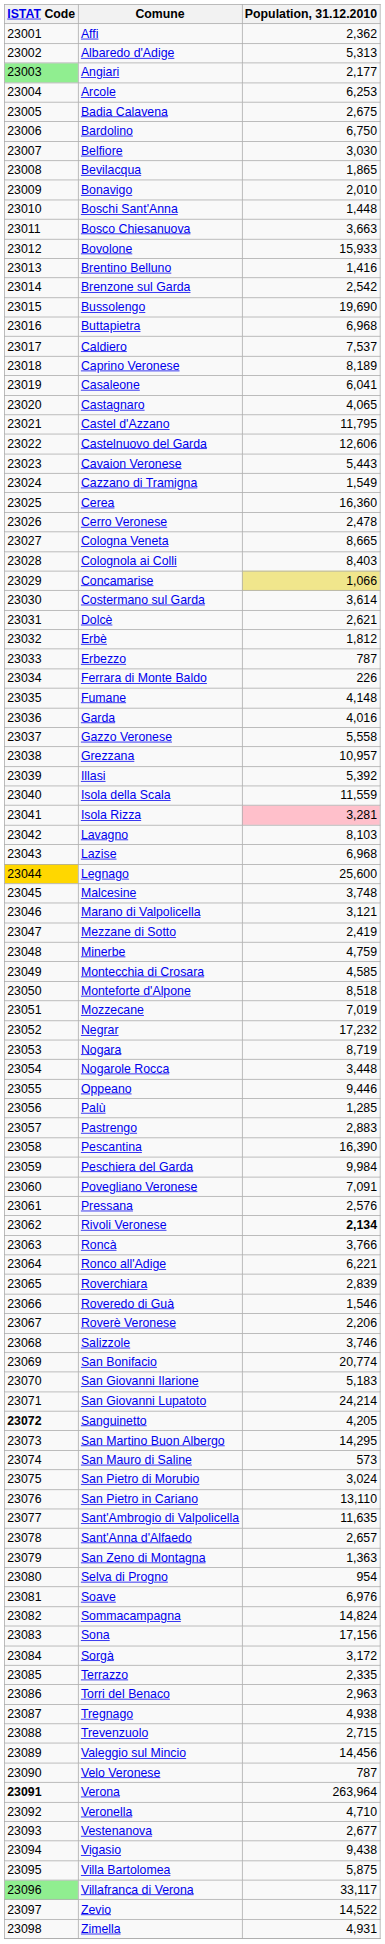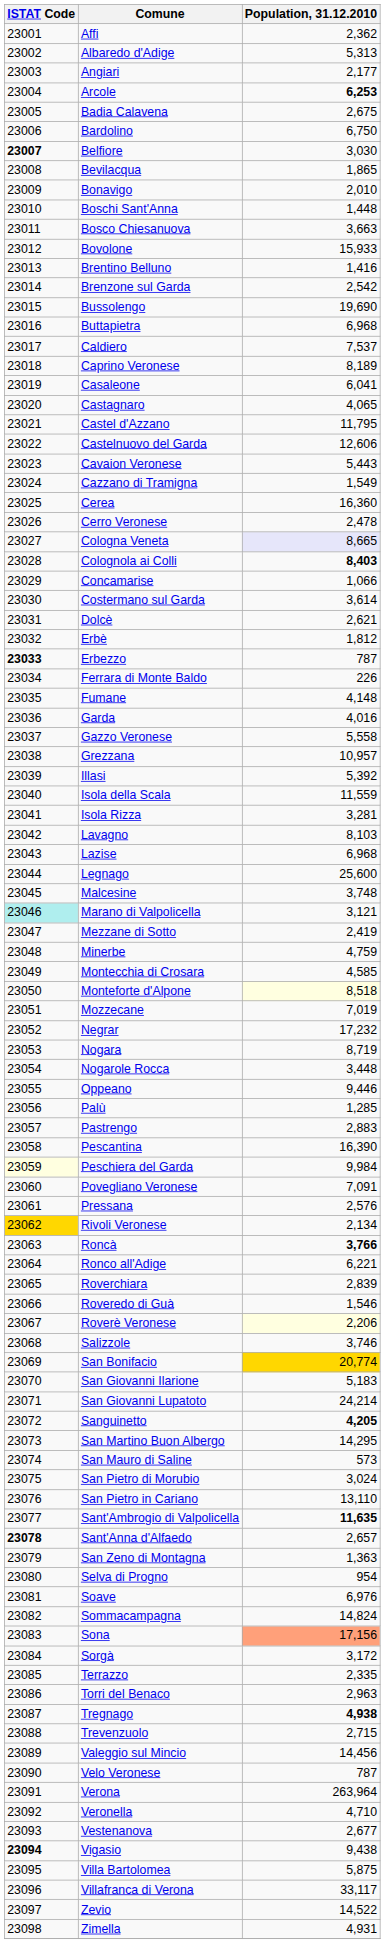 <table class="wikitable sortable">
 <tr>
 <th><a href='#'>ISTAT</a> Code</th>
 <th>Comune</th>
 <th>Population, 31.12.2010</th>
 </tr>
 <tr>
 <td>23001</td>
 <td><a href='#'>Affi</a></td>
 <td align="right">2,362</td>
 </tr>
 <tr>
 <td>23002</td>
 <td><a href='#'>Albaredo d'Adige</a></td>
 <td align="right">5,313</td>
 </tr>
 <tr>
-<td style="background: lightgreen;">23003</td>
+<td>23003</td>
 <td><a href='#'>Angiari</a></td>
 <td align="right">2,177</td>
 </tr>
 <tr>
 <td>23004</td>
 <td><a href='#'>Arcole</a></td>
-<td align="right">6,253</td>
+<td align="right"><strong>6,253</strong></td>
 </tr>
 <tr>
 <td>23005</td>
 <td><a href='#'>Badia Calavena</a></td>
 <td align="right">2,675</td>
 </tr>
 <tr>
 <td>23006</td>
 <td><a href='#'>Bardolino</a></td>
 <td align="right">6,750</td>
 </tr>
 <tr>
-<td>23007</td>
+<td><strong>23007</strong></td>
 <td><a href='#'>Belfiore</a></td>
 <td align="right">3,030</td>
 </tr>
 <tr>
 <td>23008</td>
 <td><a href='#'>Bevilacqua</a></td>
 <td align="right">1,865</td>
 </tr>
 <tr>
 <td>23009</td>
 <td><a href='#'>Bonavigo</a></td>
 <td align="right">2,010</td>
 </tr>
 <tr>
 <td>23010</td>
 <td><a href='#'>Boschi Sant'Anna</a></td>
 <td align="right">1,448</td>
 </tr>
 <tr>
 <td>23011</td>
 <td><a href='#'>Bosco Chiesanuova</a></td>
 <td align="right">3,663</td>
 </tr>
 <tr>
 <td>23012</td>
 <td><a href='#'>Bovolone</a></td>
 <td align="right">15,933</td>
 </tr>
 <tr>
 <td>23013</td>
 <td><a href='#'>Brentino Belluno</a></td>
 <td align="right">1,416</td>
 </tr>
 <tr>
 <td>23014</td>
 <td><a href='#'>Brenzone sul Garda</a></td>
 <td align="right">2,542</td>
 </tr>
 <tr>
 <td>23015</td>
 <td><a href='#'>Bussolengo</a></td>
 <td align="right">19,690</td>
 </tr>
 <tr>
 <td>23016</td>
 <td><a href='#'>Buttapietra</a></td>
 <td align="right">6,968</td>
 </tr>
 <tr>
 <td>23017</td>
 <td><a href='#'>Caldiero</a></td>
 <td align="right">7,537</td>
 </tr>
 <tr>
 <td>23018</td>
 <td><a href='#'>Caprino Veronese</a></td>
 <td align="right">8,189</td>
 </tr>
 <tr>
 <td>23019</td>
 <td><a href='#'>Casaleone</a></td>
 <td align="right">6,041</td>
 </tr>
 <tr>
 <td>23020</td>
 <td><a href='#'>Castagnaro</a></td>
 <td align="right">4,065</td>
 </tr>
 <tr>
 <td>23021</td>
 <td><a href='#'>Castel d'Azzano</a></td>
 <td align="right">11,795</td>
 </tr>
 <tr>
 <td>23022</td>
 <td><a href='#'>Castelnuovo del Garda</a></td>
 <td align="right">12,606</td>
 </tr>
 <tr>
 <td>23023</td>
 <td><a href='#'>Cavaion Veronese</a></td>
 <td align="right">5,443</td>
 </tr>
 <tr>
 <td>23024</td>
 <td><a href='#'>Cazzano di Tramigna</a></td>
 <td align="right">1,549</td>
 </tr>
 <tr>
 <td>23025</td>
 <td><a href='#'>Cerea</a></td>
 <td align="right">16,360</td>
 </tr>
 <tr>
 <td>23026</td>
 <td><a href='#'>Cerro Veronese</a></td>
 <td align="right">2,478</td>
 </tr>
 <tr>
 <td>23027</td>
 <td><a href='#'>Cologna Veneta</a></td>
-<td align="right">8,665</td>
+<td align="right" style="background: lavender;">8,665</td>
 </tr>
 <tr>
 <td>23028</td>
 <td><a href='#'>Colognola ai Colli</a></td>
-<td align="right">8,403</td>
+<td align="right"><strong>8,403</strong></td>
 </tr>
 <tr>
 <td>23029</td>
 <td><a href='#'>Concamarise</a></td>
-<td align="right" style="background: khaki;">1,066</td>
+<td align="right">1,066</td>
 </tr>
 <tr>
 <td>23030</td>
 <td><a href='#'>Costermano sul Garda</a></td>
 <td align="right">3,614</td>
 </tr>
 <tr>
 <td>23031</td>
 <td><a href='#'>Dolcè</a></td>
 <td align="right">2,621</td>
 </tr>
 <tr>
 <td>23032</td>
 <td><a href='#'>Erbè</a></td>
 <td align="right">1,812</td>
 </tr>
 <tr>
-<td>23033</td>
+<td><strong>23033</strong></td>
 <td><a href='#'>Erbezzo</a></td>
 <td align="right">787</td>
 </tr>
 <tr>
 <td>23034</td>
 <td><a href='#'>Ferrara di Monte Baldo</a></td>
 <td align="right">226</td>
 </tr>
 <tr>
 <td>23035</td>
 <td><a href='#'>Fumane</a></td>
 <td align="right">4,148</td>
 </tr>
 <tr>
 <td>23036</td>
 <td><a href='#'>Garda</a></td>
 <td align="right">4,016</td>
 </tr>
 <tr>
 <td>23037</td>
 <td><a href='#'>Gazzo Veronese</a></td>
 <td align="right">5,558</td>
 </tr>
 <tr>
 <td>23038</td>
 <td><a href='#'>Grezzana</a></td>
 <td align="right">10,957</td>
 </tr>
 <tr>
 <td>23039</td>
 <td><a href='#'>Illasi</a></td>
 <td align="right">5,392</td>
 </tr>
 <tr>
 <td>23040</td>
 <td><a href='#'>Isola della Scala</a></td>
 <td align="right">11,559</td>
 </tr>
 <tr>
 <td>23041</td>
 <td><a href='#'>Isola Rizza</a></td>
-<td align="right" style="background: pink;">3,281</td>
+<td align="right">3,281</td>
 </tr>
 <tr>
 <td>23042</td>
 <td><a href='#'>Lavagno</a></td>
 <td align="right">8,103</td>
 </tr>
 <tr>
 <td>23043</td>
 <td><a href='#'>Lazise</a></td>
 <td align="right">6,968</td>
 </tr>
 <tr>
-<td style="background: gold;">23044</td>
+<td>23044</td>
 <td><a href='#'>Legnago</a></td>
 <td align="right">25,600</td>
 </tr>
 <tr>
 <td>23045</td>
 <td><a href='#'>Malcesine</a></td>
 <td align="right">3,748</td>
 </tr>
 <tr>
-<td>23046</td>
+<td style="background: paleturquoise;">23046</td>
 <td><a href='#'>Marano di Valpolicella</a></td>
 <td align="right">3,121</td>
 </tr>
 <tr>
 <td>23047</td>
 <td><a href='#'>Mezzane di Sotto</a></td>
 <td align="right">2,419</td>
 </tr>
 <tr>
 <td>23048</td>
 <td><a href='#'>Minerbe</a></td>
 <td align="right">4,759</td>
 </tr>
 <tr>
 <td>23049</td>
 <td><a href='#'>Montecchia di Crosara</a></td>
 <td align="right">4,585</td>
 </tr>
 <tr>
 <td>23050</td>
 <td><a href='#'>Monteforte d'Alpone</a></td>
-<td align="right">8,518</td>
+<td align="right" style="background: lightyellow;">8,518</td>
 </tr>
 <tr>
 <td>23051</td>
 <td><a href='#'>Mozzecane</a></td>
 <td align="right">7,019</td>
 </tr>
 <tr>
 <td>23052</td>
 <td><a href='#'>Negrar</a></td>
 <td align="right">17,232</td>
 </tr>
 <tr>
 <td>23053</td>
 <td><a href='#'>Nogara</a></td>
 <td align="right">8,719</td>
 </tr>
 <tr>
 <td>23054</td>
 <td><a href='#'>Nogarole Rocca</a></td>
 <td align="right">3,448</td>
 </tr>
 <tr>
 <td>23055</td>
 <td><a href='#'>Oppeano</a></td>
 <td align="right">9,446</td>
 </tr>
 <tr>
 <td>23056</td>
 <td><a href='#'>Palù</a></td>
 <td align="right">1,285</td>
 </tr>
 <tr>
 <td>23057</td>
 <td><a href='#'>Pastrengo</a></td>
 <td align="right">2,883</td>
 </tr>
 <tr>
 <td>23058</td>
 <td><a href='#'>Pescantina</a></td>
 <td align="right">16,390</td>
 </tr>
 <tr>
-<td>23059</td>
+<td style="background: lightyellow;">23059</td>
 <td><a href='#'>Peschiera del Garda</a></td>
 <td align="right">9,984</td>
 </tr>
 <tr>
 <td>23060</td>
 <td><a href='#'>Povegliano Veronese</a></td>
 <td align="right">7,091</td>
 </tr>
 <tr>
 <td>23061</td>
 <td><a href='#'>Pressana</a></td>
 <td align="right">2,576</td>
 </tr>
 <tr>
-<td>23062</td>
+<td style="background: gold;">23062</td>
 <td><a href='#'>Rivoli Veronese</a></td>
-<td align="right"><strong>2,134</strong></td>
+<td align="right">2,134</td>
 </tr>
 <tr>
 <td>23063</td>
 <td><a href='#'>Roncà</a></td>
-<td align="right">3,766</td>
+<td align="right"><strong>3,766</strong></td>
 </tr>
 <tr>
 <td>23064</td>
 <td><a href='#'>Ronco all'Adige</a></td>
 <td align="right">6,221</td>
 </tr>
 <tr>
 <td>23065</td>
 <td><a href='#'>Roverchiara</a></td>
 <td align="right">2,839</td>
 </tr>
 <tr>
 <td>23066</td>
 <td><a href='#'>Roveredo di Guà</a></td>
 <td align="right">1,546</td>
 </tr>
 <tr>
 <td>23067</td>
 <td><a href='#'>Roverè Veronese</a></td>
-<td align="right">2,206</td>
+<td align="right" style="background: lightyellow;">2,206</td>
 </tr>
 <tr>
 <td>23068</td>
 <td><a href='#'>Salizzole</a></td>
 <td align="right">3,746</td>
 </tr>
 <tr>
 <td>23069</td>
 <td><a href='#'>San Bonifacio</a></td>
-<td align="right">20,774</td>
+<td align="right" style="background: gold;">20,774</td>
 </tr>
 <tr>
 <td>23070</td>
 <td><a href='#'>San Giovanni Ilarione</a></td>
 <td align="right">5,183</td>
 </tr>
 <tr>
 <td>23071</td>
 <td><a href='#'>San Giovanni Lupatoto</a></td>
 <td align="right">24,214</td>
 </tr>
 <tr>
-<td><strong>23072</strong></td>
+<td>23072</td>
 <td><a href='#'>Sanguinetto</a></td>
-<td align="right">4,205</td>
+<td align="right"><strong>4,205</strong></td>
 </tr>
 <tr>
 <td>23073</td>
 <td><a href='#'>San Martino Buon Albergo</a></td>
 <td align="right">14,295</td>
 </tr>
 <tr>
 <td>23074</td>
 <td><a href='#'>San Mauro di Saline</a></td>
 <td align="right">573</td>
 </tr>
 <tr>
 <td>23075</td>
 <td><a href='#'>San Pietro di Morubio</a></td>
 <td align="right">3,024</td>
 </tr>
 <tr>
 <td>23076</td>
 <td><a href='#'>San Pietro in Cariano</a></td>
 <td align="right">13,110</td>
 </tr>
 <tr>
 <td>23077</td>
 <td><a href='#'>Sant'Ambrogio di Valpolicella</a></td>
-<td align="right">11,635</td>
+<td align="right"><strong>11,635</strong></td>
 </tr>
 <tr>
-<td>23078</td>
+<td><strong>23078</strong></td>
 <td><a href='#'>Sant'Anna d'Alfaedo</a></td>
 <td align="right">2,657</td>
 </tr>
 <tr>
 <td>23079</td>
 <td><a href='#'>San Zeno di Montagna</a></td>
 <td align="right">1,363</td>
 </tr>
 <tr>
 <td>23080</td>
 <td><a href='#'>Selva di Progno</a></td>
 <td align="right">954</td>
 </tr>
 <tr>
 <td>23081</td>
 <td><a href='#'>Soave</a></td>
 <td align="right">6,976</td>
 </tr>
 <tr>
 <td>23082</td>
 <td><a href='#'>Sommacampagna</a></td>
 <td align="right">14,824</td>
 </tr>
 <tr>
 <td>23083</td>
 <td><a href='#'>Sona</a></td>
-<td align="right">17,156</td>
+<td align="right" style="background: lightsalmon;">17,156</td>
 </tr>
 <tr>
 <td>23084</td>
 <td><a href='#'>Sorgà</a></td>
 <td align="right">3,172</td>
 </tr>
 <tr>
 <td>23085</td>
 <td><a href='#'>Terrazzo</a></td>
 <td align="right">2,335</td>
 </tr>
 <tr>
 <td>23086</td>
 <td><a href='#'>Torri del Benaco</a></td>
 <td align="right">2,963</td>
 </tr>
 <tr>
 <td>23087</td>
 <td><a href='#'>Tregnago</a></td>
-<td align="right">4,938</td>
+<td align="right"><strong>4,938</strong></td>
 </tr>
 <tr>
 <td>23088</td>
 <td><a href='#'>Trevenzuolo</a></td>
 <td align="right">2,715</td>
 </tr>
 <tr>
 <td>23089</td>
 <td><a href='#'>Valeggio sul Mincio</a></td>
 <td align="right">14,456</td>
 </tr>
 <tr>
 <td>23090</td>
 <td><a href='#'>Velo Veronese</a></td>
 <td align="right">787</td>
 </tr>
 <tr>
-<td><strong>23091</strong></td>
+<td>23091</td>
 <td><a href='#'>Verona</a></td>
 <td align="right">263,964</td>
 </tr>
 <tr>
 <td>23092</td>
 <td><a href='#'>Veronella</a></td>
 <td align="right">4,710</td>
 </tr>
 <tr>
 <td>23093</td>
 <td><a href='#'>Vestenanova</a></td>
 <td align="right">2,677</td>
 </tr>
 <tr>
-<td>23094</td>
+<td><strong>23094</strong></td>
 <td><a href='#'>Vigasio</a></td>
 <td align="right">9,438</td>
 </tr>
 <tr>
 <td>23095</td>
 <td><a href='#'>Villa Bartolomea</a></td>
 <td align="right">5,875</td>
 </tr>
 <tr>
-<td style="background: lightgreen;">23096</td>
+<td>23096</td>
 <td><a href='#'>Villafranca di Verona</a></td>
 <td align="right">33,117</td>
 </tr>
 <tr>
 <td>23097</td>
 <td><a href='#'>Zevio</a></td>
 <td align="right">14,522</td>
 </tr>
 <tr>
 <td>23098</td>
 <td><a href='#'>Zimella</a></td>
 <td align="right">4,931</td>
 </tr>
 <tr>
 </tr>
 </table>
